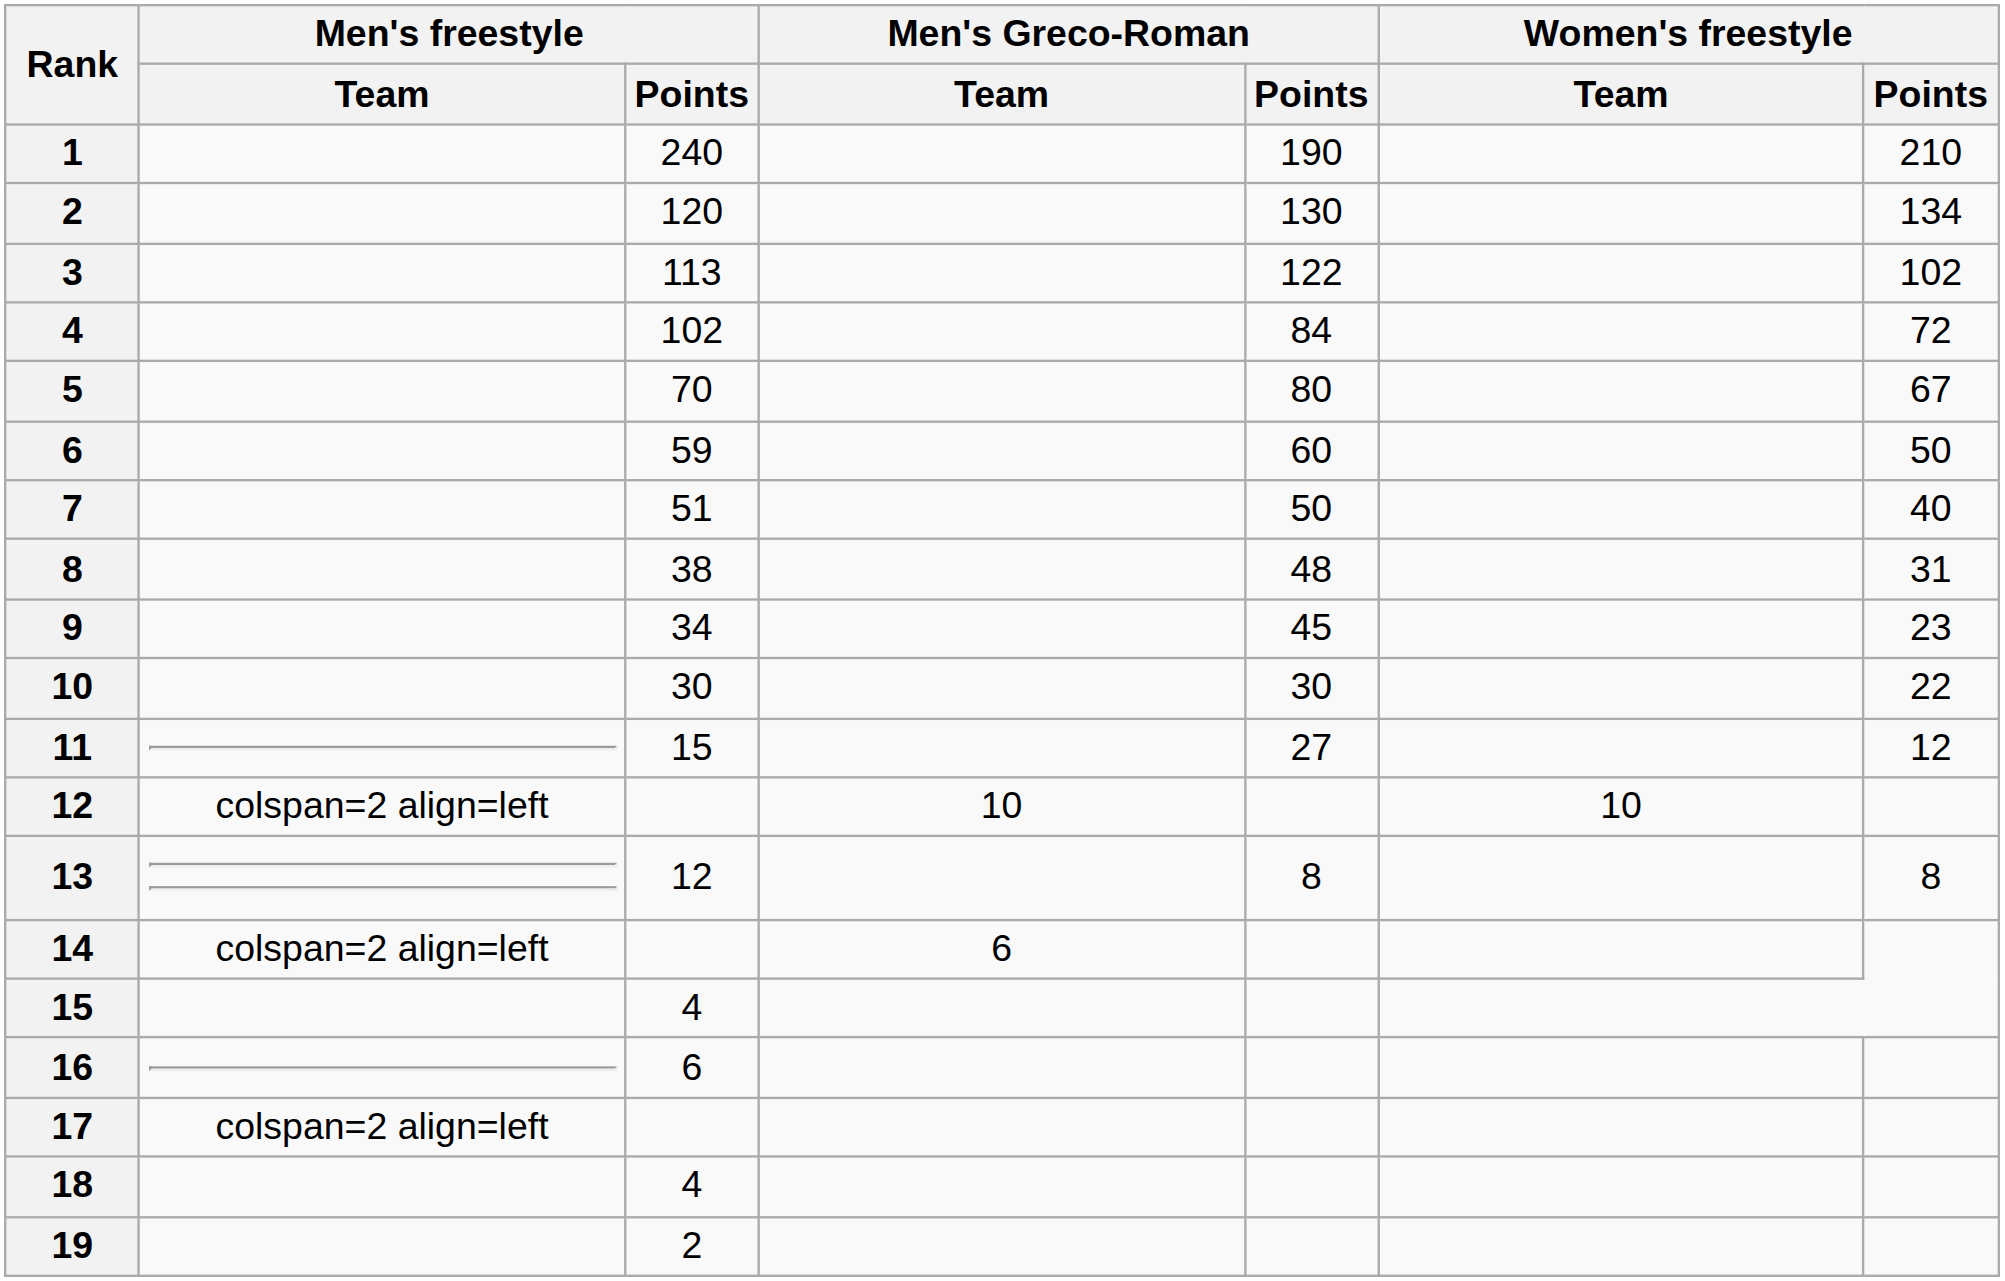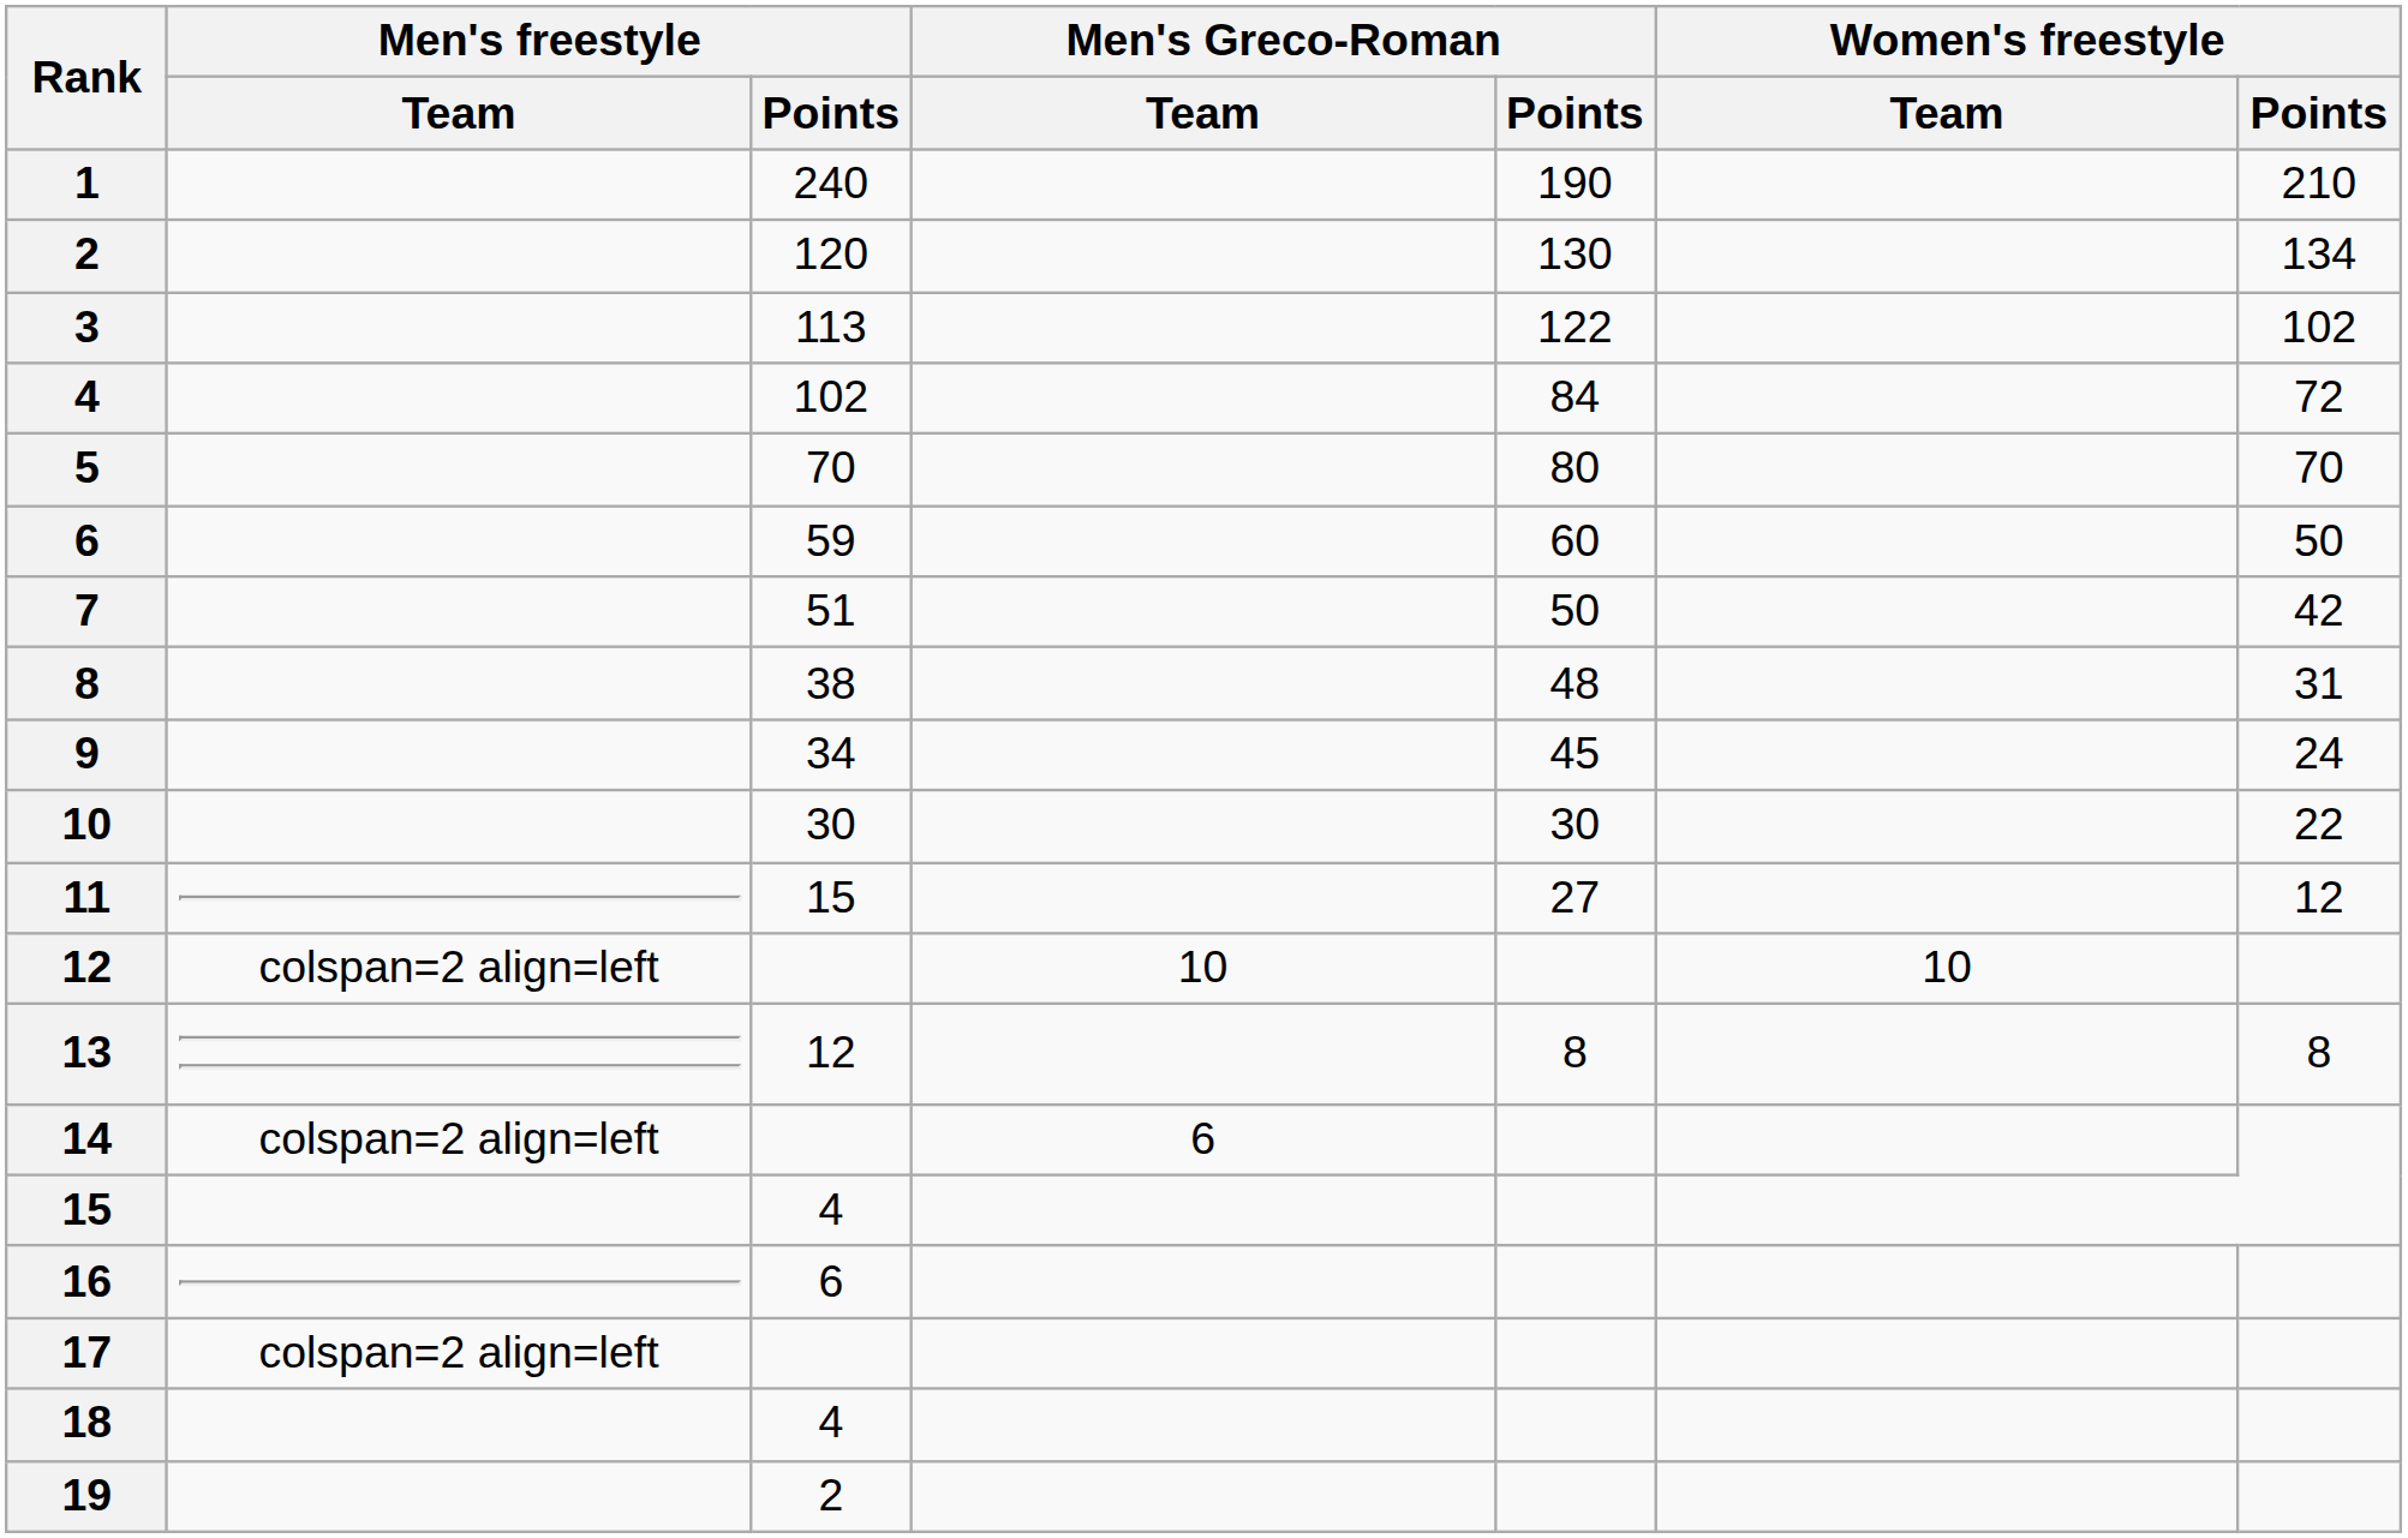 <table class="wikitable" style="text-align:center;">
 <tr>
 <th width=50 rowspan="2">Rank</th>
 <th colspan="2">Men's freestyle</th>
 <th colspan="2">Men's Greco-Roman</th>
 <th colspan="2">Women's freestyle</th>
 </tr>
 <tr>
 <th width=200>Team</th>
 <th width=50>Points</th>
 <th width=200>Team</th>
 <th width=50>Points</th>
 <th width=200>Team</th>
 <th width=50>Points</th>
 </tr>
 <tr>
 <th>1</th>
 <td align=left></td>
 <td>240</td>
 <td align=left></td>
 <td>190</td>
 <td align=left></td>
 <td>210</td>
 </tr>
 <tr>
 <th>2</th>
 <td align=left></td>
 <td>120</td>
 <td align=left></td>
 <td>130</td>
 <td align=left></td>
 <td>134</td>
 </tr>
 <tr>
 <th>3</th>
 <td align=left></td>
 <td>113</td>
 <td align=left></td>
 <td>122</td>
 <td align=left></td>
 <td>102</td>
 </tr>
 <tr>
 <th>4</th>
 <td align=left></td>
 <td>102</td>
 <td align=left></td>
 <td>84</td>
 <td align=left></td>
 <td>72</td>
 </tr>
 <tr>
 <th>5</th>
 <td align=left></td>
 <td>70</td>
 <td align=left></td>
 <td>80</td>
 <td align=left></td>
-<td>67</td>
+<td>70</td>
 </tr>
 <tr>
 <th>6</th>
 <td align=left></td>
 <td>59</td>
 <td align=left></td>
 <td>60</td>
 <td align=left></td>
 <td>50</td>
 </tr>
 <tr>
 <th>7</th>
 <td align=left></td>
 <td>51</td>
 <td align=left></td>
 <td>50</td>
 <td align=left></td>
-<td>40</td>
+<td>42</td>
 </tr>
 <tr>
 <th>8</th>
 <td align=left></td>
 <td>38</td>
 <td align=left></td>
 <td>48</td>
 <td align=left></td>
 <td>31</td>
 </tr>
 <tr>
 <th>9</th>
 <td align=left></td>
 <td>34</td>
 <td align=left></td>
 <td>45</td>
 <td align=left></td>
-<td>23</td>
+<td>24</td>
 </tr>
 <tr>
 <th>10</th>
 <td align=left></td>
 <td>30</td>
 <td align=left></td>
 <td>30</td>
 <td align=left></td>
 <td>22</td>
 </tr>
 <tr>
 <th>11</th>
 <td align=left><hr></td>
 <td>15</td>
 <td align=left></td>
 <td>27</td>
 <td align=left></td>
 <td>12</td>
 </tr>
 <tr>
 <th>12</th>
 <td>colspan=2 align=left </td>
 <td align=left></td>
 <td>10</td>
 <td align=left></td>
 <td>10</td>
 </tr>
 <tr>
 <th>13</th>
 <td align=left><hr><hr></td>
 <td>12</td>
 <td align=left></td>
 <td>8</td>
 <td align=left></td>
 <td>8</td>
 </tr>
 <tr>
 <th>14</th>
 <td>colspan=2 align=left </td>
 <td align=left></td>
 <td>6</td>
 <td align=left></td>
 <td></td>
 </tr>
 <tr>
 <th>15</th>
 <td align=left></td>
 <td>4</td>
 <td align=left></td>
 <td></td>
 </tr>
 <tr>
 <th>16</th>
 <td align=left><hr></td>
 <td>6</td>
 <td align=left></td>
 <td></td>
 <td align=left></td>
 <td></td>
 </tr>
 <tr>
 <th>17</th>
 <td>colspan=2 align=left </td>
 <td align=left></td>
 <td></td>
 <td align=left></td>
 <td></td>
 </tr>
 <tr>
 <th>18</th>
 <td align=left></td>
 <td>4</td>
 <td align=left></td>
 <td></td>
 <td align=left></td>
 <td></td>
 </tr>
 <tr>
 <th>19</th>
 <td align=left></td>
 <td>2</td>
 <td align=left></td>
 <td></td>
 <td align=left></td>
 <td></td>
 </tr>
 </table>
